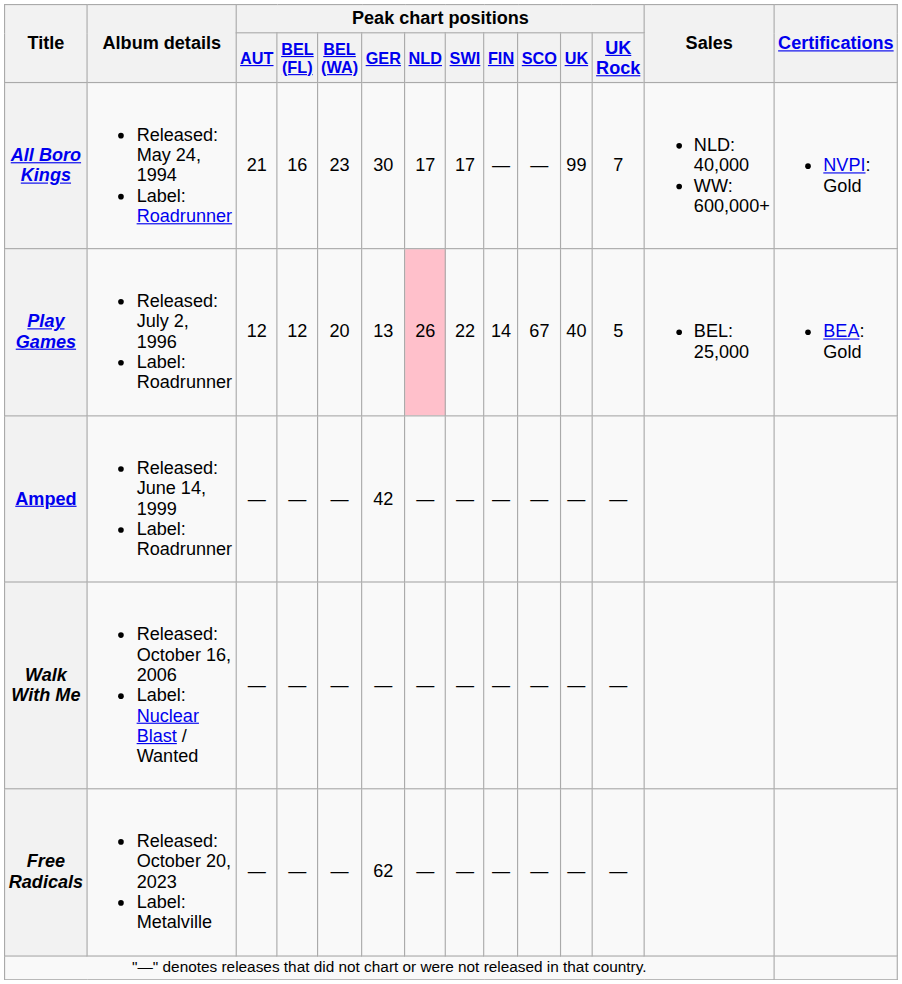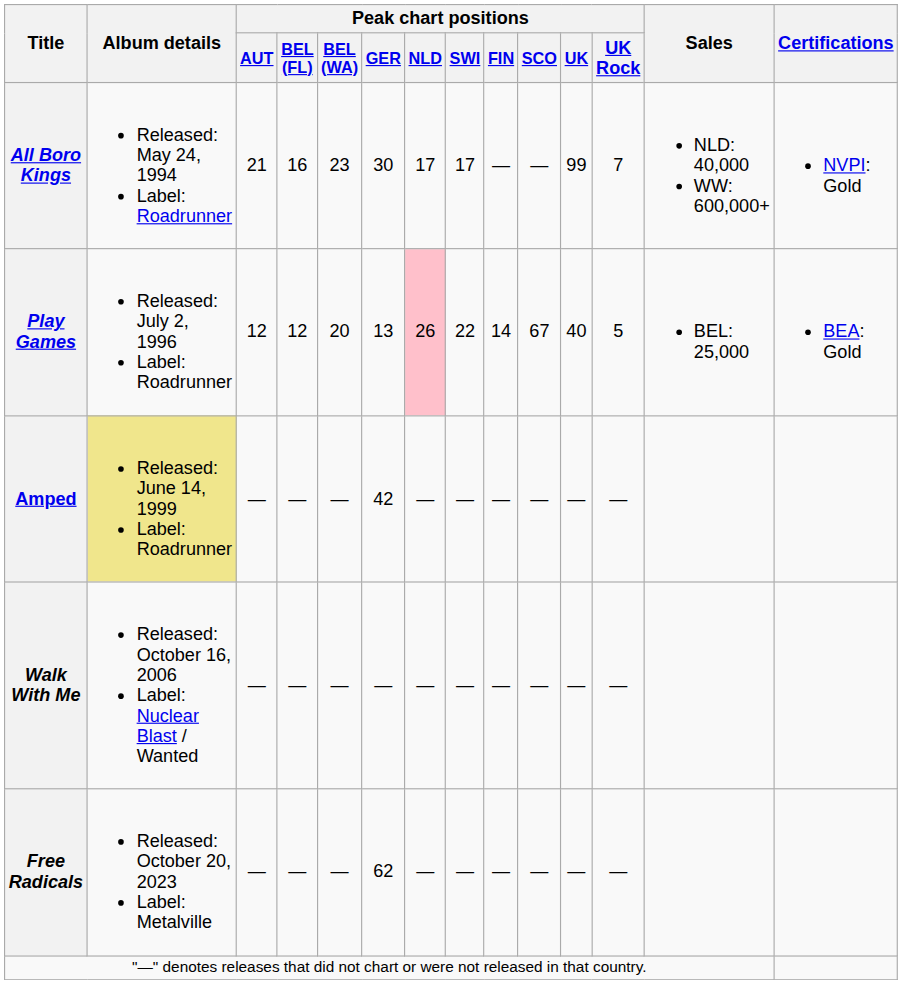 <table class="wikitable plainrowheaders">
 <tr>
 <th rowspan="2" scope="col">Title</th>
 <th rowspan="2" scope="col">Album details</th>
 <th colspan="10" scope="col">Peak chart positions</th>
 <th rowspan="2" scope="col">Sales</th>
 <th rowspan="2" scope="col"><a href='#'>Certifications</a></th>
 </tr>
 <tr>
 <th scope="col" style="width:3em;font-size:90%;"><a href='#'>AUT</a><br></th>
 <th scope="col" style="width:3em;font-size:90%;"><a href='#'>BEL (FL)</a><br></th>
 <th scope="col" style="width:3em;font-size:90%;"><a href='#'>BEL (WA)</a><br></th>
 <th scope="col" style="width:3em;font-size:90%;"><a href='#'>GER</a><br></th>
 <th scope="col" style="width:3em;font-size:90%;"><a href='#'>NLD</a><br></th>
 <th scope="col" style="width:3em;font-size:90%;"><a href='#'>SWI</a><br></th>
 <th scope="col" style="width:3em;font-size:90%;"><a href='#'>FIN</a><br></th>
 <th scope="col" style="width:3em;font-size:90%;"><a href='#'>SCO</a><br></th>
 <th scope="col" style="width:3em;font-size:90%;"><a href='#'>UK</a><br></th>
 <th><a href='#'>UK Rock</a><br></th>
 </tr>
 <tr>
 <th scope="row"><em><a href='#'>All Boro Kings</a></em></th>
 <td><br><ul><li>Released: May 24, 1994</li><li>Label: <a href='#'>Roadrunner</a></li></ul></td>
 <td align="center">21</td>
 <td align="center">16</td>
 <td align="center">23</td>
 <td align="center">30</td>
 <td align="center">17</td>
 <td align="center">17</td>
 <td align="center">—</td>
 <td align="center">—</td>
 <td align="center">99</td>
 <td align="center">7</td>
 <td><br><ul><li>NLD: 40,000</li><li>WW: 600,000+</li></ul></td>
 <td><br><ul><li><a href='#'>NVPI</a>: Gold</li></ul></td>
 </tr>
 <tr>
 <th scope="row"><em><a href='#'>Play Games</a></em></th>
 <td><br><ul><li>Released: July 2, 1996</li><li>Label: Roadrunner</li></ul></td>
 <td align="center">12</td>
 <td align="center">12</td>
 <td align="center">20</td>
 <td align="center">13</td>
 <td align="center" style="background: pink;">26</td>
 <td align="center">22</td>
 <td align="center">14</td>
 <td align="center">67</td>
 <td align="center">40</td>
 <td align="center">5</td>
 <td><br><ul><li>BEL: 25,000</li></ul></td>
 <td><br><ul><li><a href='#'>BEA</a>: Gold</li></ul></td>
 </tr>
 <tr>
 <th scope="row"><a href='#'>Amped</a></th>
-<td><br><ul><li>Released: June 14, 1999</li><li>Label: Roadrunner</li></ul></td>
+<td style="background: khaki;"><br><ul><li>Released: June 14, 1999</li><li>Label: Roadrunner</li></ul></td>
 <td align="center">—</td>
 <td align="center">—</td>
 <td align="center">—</td>
 <td align="center">42</td>
 <td align="center">—</td>
 <td align="center">—</td>
 <td align="center">—</td>
 <td align="center">—</td>
 <td align="center">—</td>
 <td align="center">—</td>
 <td></td>
 <td></td>
 </tr>
 <tr>
 <th scope="row"><em>Walk With Me</em></th>
 <td><br><ul><li>Released: October 16, 2006</li><li>Label: <a href='#'>Nuclear Blast</a> / Wanted</li></ul></td>
 <td align="center">—</td>
 <td align="center">—</td>
 <td align="center">—</td>
 <td align="center">—</td>
 <td align="center">—</td>
 <td align="center">—</td>
 <td align="center">—</td>
 <td align="center">—</td>
 <td align="center">—</td>
 <td align="center">—</td>
 <td></td>
 <td></td>
 </tr>
 <tr>
 <th scope="row"><em>Free Radicals</em></th>
 <td><br><ul><li>Released: October 20, 2023</li><li>Label: Metalville</li></ul></td>
 <td align="center">—</td>
 <td align="center">—</td>
 <td align="center">—</td>
 <td align="center">62</td>
 <td align="center">—</td>
 <td align="center">—</td>
 <td align="center">—</td>
 <td align="center">—</td>
 <td align="center">—</td>
 <td align="center">—</td>
 <td></td>
 <td></td>
 </tr>
 <tr>
 <td colspan="13" align="center" style="font-size:85%">"—" denotes releases that did not chart or were not released in that country.</td>
 </tr>
 </table>
